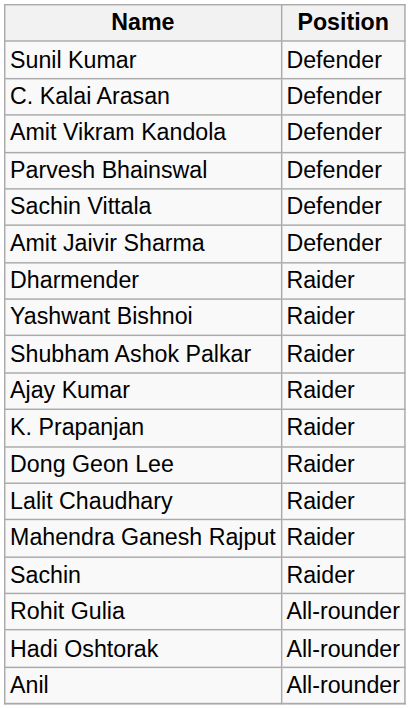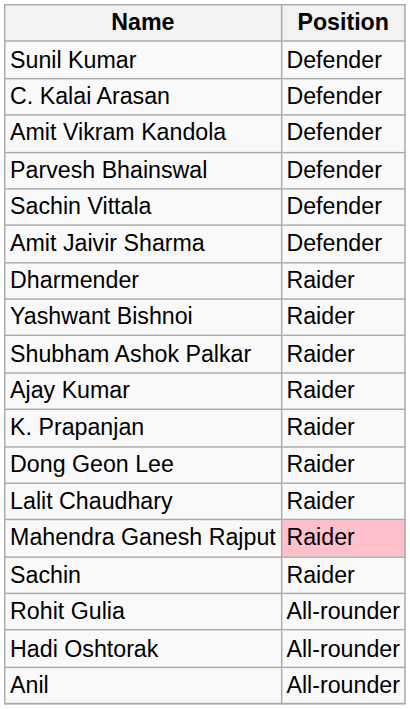 <table class="wikitable">
 <tr>
 <th>Name</th>
 <th>Position</th>
 </tr>
 <tr>
 <td>Sunil Kumar</td>
 <td>Defender</td>
 </tr>
 <tr>
 <td>C. Kalai Arasan</td>
 <td>Defender</td>
 </tr>
 <tr>
 <td>Amit Vikram Kandola</td>
 <td>Defender</td>
 </tr>
 <tr>
 <td>Parvesh Bhainswal</td>
 <td>Defender</td>
 </tr>
 <tr>
 <td>Sachin Vittala</td>
 <td>Defender</td>
 </tr>
 <tr>
 <td>Amit Jaivir Sharma</td>
 <td>Defender</td>
 </tr>
 <tr>
 <td>Dharmender</td>
 <td>Raider</td>
 </tr>
 <tr>
 <td>Yashwant Bishnoi</td>
 <td>Raider</td>
 </tr>
 <tr>
 <td>Shubham Ashok Palkar</td>
 <td>Raider</td>
 </tr>
 <tr>
 <td>Ajay Kumar</td>
 <td>Raider</td>
 </tr>
 <tr>
 <td>K. Prapanjan</td>
 <td>Raider</td>
 </tr>
 <tr>
 <td>Dong Geon Lee</td>
 <td>Raider</td>
 </tr>
 <tr>
 <td>Lalit Chaudhary</td>
 <td>Raider</td>
 </tr>
 <tr>
 <td>Mahendra Ganesh Rajput</td>
-<td>Raider</td>
+<td style="background: pink;">Raider</td>
 </tr>
 <tr>
 <td>Sachin</td>
 <td>Raider</td>
 </tr>
 <tr>
 <td>Rohit Gulia</td>
 <td>All-rounder</td>
 </tr>
 <tr>
 <td>Hadi Oshtorak</td>
 <td>All-rounder</td>
 </tr>
 <tr>
 <td>Anil</td>
 <td>All-rounder</td>
 </tr>
 <tr>
 </tr>
 </table>
